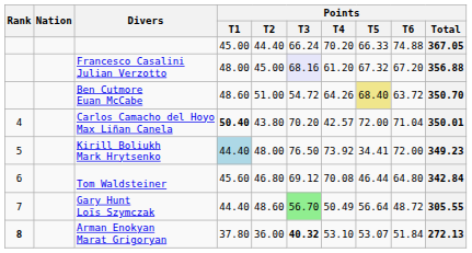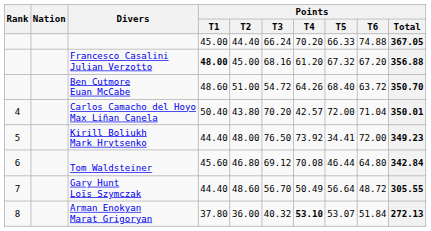 <table class="wikitable" style="text-align:center">
 <tr>
 <th rowspan=2>Rank</th>
 <th rowspan=2>Nation</th>
 <th rowspan=2>Divers</th>
 <th colspan=7>Points</th>
 </tr>
 <tr>
 <th>T1</th>
 <th>T2</th>
 <th>T3</th>
 <th>T4</th>
 <th>T5</th>
 <th>T6</th>
 <th>Total</th>
 </tr>
 <tr>
 <td></td>
 <td align=left></td>
 <td align=left><br></td>
 <td>45.00</td>
 <td>44.40</td>
 <td>66.24</td>
 <td>70.20</td>
 <td>66.33</td>
 <td>74.88</td>
 <th>367.05</th>
 </tr>
 <tr>
 <td></td>
 <td align=left></td>
 <td align=left><a href='#'>Francesco Casalini</a><br><a href='#'>Julian Verzotto</a></td>
-<td>48.00</td>
+<td><strong>48.00</strong></td>
 <td>45.00</td>
-<td style="background: lavender;">68.16</td>
+<td>68.16</td>
 <td>61.20</td>
 <td>67.32</td>
 <td>67.20</td>
 <th>356.88</th>
 </tr>
 <tr>
 <td></td>
 <td align=left></td>
 <td align=left><a href='#'>Ben Cutmore</a><br><a href='#'>Euan McCabe</a></td>
 <td>48.60</td>
 <td>51.00</td>
 <td>54.72</td>
 <td>64.26</td>
-<td style="background: khaki;">68.40</td>
+<td>68.40</td>
 <td>63.72</td>
 <th>350.70</th>
 </tr>
 <tr>
 <td>4</td>
 <td align=left></td>
 <td align=left><a href='#'>Carlos Camacho del Hoyo</a><br><a href='#'>Max Liñan Canela</a></td>
-<td><strong>50.40</strong></td>
+<td>50.40</td>
 <td>43.80</td>
 <td>70.20</td>
 <td>42.57</td>
 <td>72.00</td>
 <td>71.04</td>
 <th>350.01</th>
 </tr>
 <tr>
 <td>5</td>
 <td align=left></td>
 <td align=left><a href='#'>Kirill Boliukh</a><br><a href='#'>Mark Hrytsenko</a></td>
-<td style="background: lightblue;">44.40</td>
+<td>44.40</td>
 <td>48.00</td>
 <td>76.50</td>
 <td>73.92</td>
 <td>34.41</td>
 <td>72.00</td>
 <th>349.23</th>
 </tr>
 <tr>
 <td>6</td>
 <td align=left></td>
 <td align=left><br><a href='#'>Tom Waldsteiner</a></td>
 <td>45.60</td>
 <td>46.80</td>
 <td>69.12</td>
 <td>70.08</td>
 <td>46.44</td>
 <td>64.80</td>
 <th>342.84</th>
 </tr>
 <tr>
 <td>7</td>
 <td align=left></td>
 <td align=left><a href='#'>Gary Hunt</a><br><a href='#'>Loïs Szymczak</a></td>
 <td>44.40</td>
 <td>48.60</td>
-<td style="background: lightgreen;">56.70</td>
+<td>56.70</td>
 <td>50.49</td>
 <td>56.64</td>
 <td>48.72</td>
 <th>305.55</th>
 </tr>
 <tr>
-<td><strong>8</strong></td>
+<td>8</td>
 <td align=left></td>
 <td align=left><a href='#'>Arman Enokyan</a><br><a href='#'>Marat Grigoryan</a></td>
 <td>37.80</td>
 <td>36.00</td>
-<td><strong>40.32</strong></td>
-<td>53.10</td>
+<td>40.32</td>
+<td><strong>53.10</strong></td>
 <td>53.07</td>
 <td>51.84</td>
 <th>272.13</th>
 </tr>
 </table>
